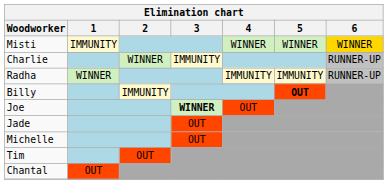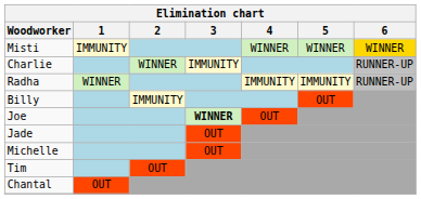 <table class="wikitable" style="text-align:center">
 <tr>
 <th ! colspan="10">Elimination chart</th>
 </tr>
 <tr>
 <th>Woodworker</th>
 <th>1</th>
 <th>2</th>
 <th>3</th>
 <th>4</th>
 <th>5</th>
 <th>6</th>
 </tr>
 <tr>
 <td align="left">Misti</td>
 <td style="background:lemonchiffon;">IMMUNITY</td>
 <td colspan="2" style="background:Lightblue;"></td>
 <td style="background:#d0f0c0;">WINNER</td>
 <td style="background:#d0f0c0;">WINNER</td>
 <td style="background:gold;">WINNER</td>
 </tr>
 <tr>
 <td align="left">Charlie</td>
 <td style="background:Lightblue;"></td>
 <td style="background:#d0f0c0;">WINNER</td>
 <td style="background:lemonchiffon;">IMMUNITY</td>
 <td colspan="2" style="background:Lightblue;"></td>
 <td style="background:silver;">RUNNER-UP</td>
 </tr>
 <tr>
 <td align="left">Radha</td>
 <td style="background:#d0f0c0;">WINNER</td>
 <td colspan="2" style="background:Lightblue;"></td>
 <td style="background:lemonchiffon;">IMMUNITY</td>
 <td style="background:lemonchiffon;">IMMUNITY</td>
 <td style="background:silver;">RUNNER-UP</td>
 </tr>
 <tr>
 <td align="left">Billy</td>
 <td style="background:lightblue;"></td>
 <td style="background:lemonchiffon;">IMMUNITY</td>
 <td colspan="2" style="background:Lightblue;"></td>
-<td style="background:orangered;"><strong>OUT</strong></td>
+<td style="background:orangered;">OUT</td>
 <td style="background:darkgrey;"></td>
 </tr>
 <tr>
 <td align="left">Joe</td>
 <td colspan="2" style="background:Lightblue;"></td>
 <td style="background:#d0f0c0;"><strong>WINNER</strong></td>
 <td style="background:orangered;">OUT</td>
 <td colspan="2" style="background:darkgrey;"></td>
 </tr>
 <tr>
 <td align="left">Jade</td>
 <td colspan="2" style="background:Lightblue;"></td>
 <td style="background:orangered;">OUT</td>
 <td colspan="3" style="background:darkgrey;"></td>
 </tr>
 <tr>
 <td align="left">Michelle</td>
 <td colspan="2" style="background:Lightblue;"></td>
 <td style="background:orangered;">OUT</td>
 <td colspan="3" style="background:darkgrey;"></td>
 </tr>
 <tr>
 <td align="left">Tim</td>
 <td style="background:Lightblue;"></td>
 <td style="background:orangered;">OUT</td>
 <td colspan="4" style="background:darkgrey;"></td>
 </tr>
 <tr>
 <td align="left">Chantal</td>
 <td style="background:orangered;">OUT</td>
 <td colspan="5" style="background:darkgrey;"></td>
 </tr>
 <tr>
 </tr>
 </table>
